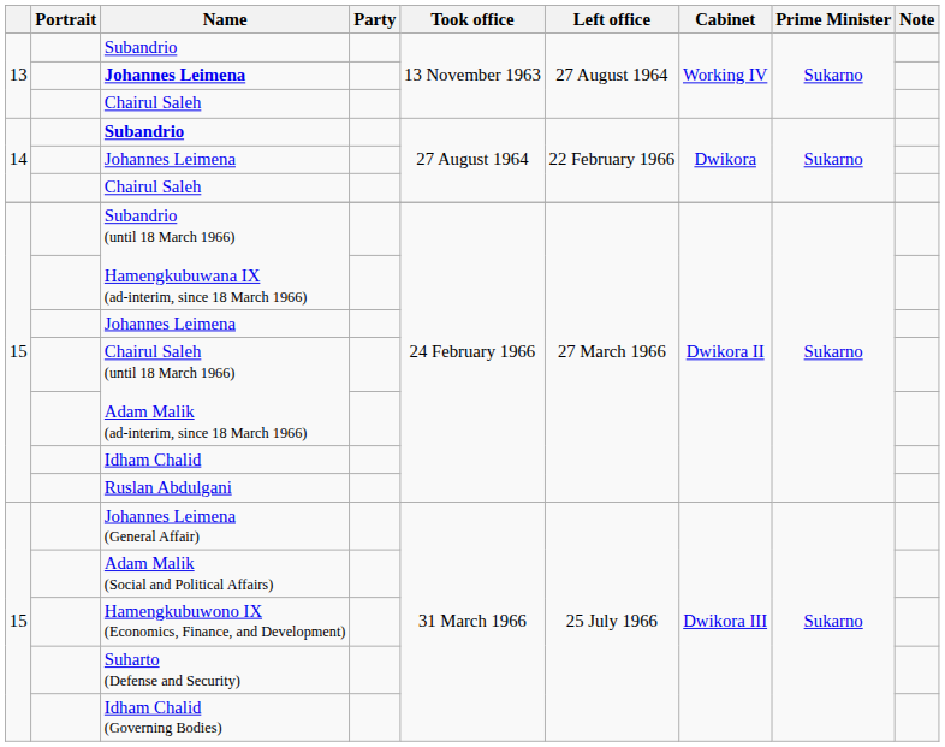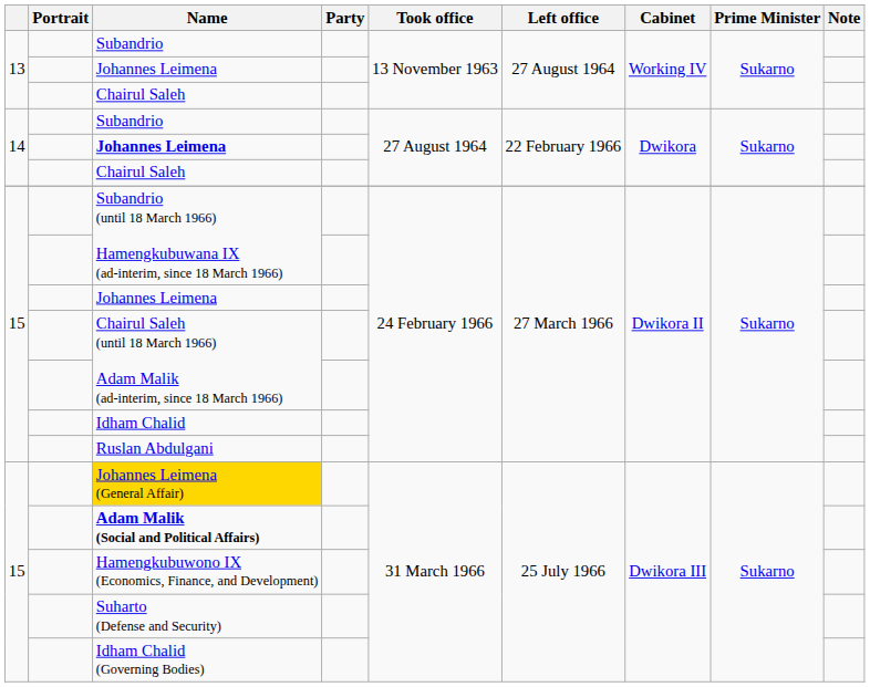 <table class="wikitable">
 <tr>
 <th></th>
 <th>Portrait</th>
 <th>Name</th>
 <th>Party</th>
 <th>Took office</th>
 <th>Left office</th>
 <th>Cabinet</th>
 <th>Prime Minister</th>
 <th>Note</th>
 </tr>
 <tr>
 <td align="center" rowspan=3>13</td>
 <td></td>
 <td><a href='#'>Subandrio</a></td>
 <td></td>
 <td align="center" rowspan=3>13 November 1963</td>
 <td align="center" rowspan=3>27 August 1964</td>
 <td align="center" rowspan=3><a href='#'>Working IV</a></td>
 <td align="center" rowspan=3><a href='#'>Sukarno</a></td>
 <td align="center"></td>
 </tr>
 <tr>
 <td></td>
-<td><strong><a href='#'>Johannes Leimena</a></strong></td>
+<td><a href='#'>Johannes Leimena</a></td>
 <td></td>
 <td align="center"></td>
 </tr>
 <tr>
 <td></td>
 <td><a href='#'>Chairul Saleh</a></td>
 <td></td>
 <td align="center"></td>
 </tr>
 <tr>
 <td align="center" rowspan=3>14</td>
 <td></td>
-<td><strong><a href='#'>Subandrio</a></strong></td>
+<td><a href='#'>Subandrio</a></td>
 <td></td>
 <td align="center" rowspan=3>27 August 1964</td>
 <td align="center" rowspan=3>22 February 1966</td>
 <td align="center" rowspan=3><a href='#'>Dwikora</a></td>
 <td align="center" rowspan=3><a href='#'>Sukarno</a></td>
 <td align="center"></td>
 </tr>
 <tr>
 <td></td>
-<td><a href='#'>Johannes Leimena</a></td>
+<td><strong><a href='#'>Johannes Leimena</a></strong></td>
 <td></td>
 </tr>
 <tr>
 <td></td>
 <td><a href='#'>Chairul Saleh</a></td>
 <td></td>
 <td align="center"></td>
 </tr>
 <tr>
 </tr>
 <tr>
 <td align="center" rowspan=7>15</td>
 <td></td>
 <td rowspan=2><a href='#'>Subandrio</a><br><small>(until 18 March 1966)</small><br><br><a href='#'>Hamengkubuwana IX</a><br><small>(ad-interim, since 18 March 1966)</small></td>
 <td></td>
 <td align="center" rowspan=7>24 February 1966</td>
 <td align="center" rowspan=7>27 March 1966</td>
 <td align="center" rowspan=7><a href='#'>Dwikora II</a></td>
 <td align="center" rowspan=7><a href='#'>Sukarno</a></td>
 <td></td>
 </tr>
 <tr>
 <td></td>
 <td></td>
 <td></td>
 </tr>
 <tr>
 <td></td>
 <td><a href='#'>Johannes Leimena</a></td>
 <td></td>
 <td></td>
 </tr>
 <tr>
 <td></td>
 <td rowspan=2><a href='#'>Chairul Saleh</a><br><small>(until 18 March 1966)</small><br><br><a href='#'>Adam Malik</a><br><small>(ad-interim, since 18 March 1966)</small></td>
 <td></td>
 <td></td>
 </tr>
 <tr>
 <td></td>
 <td></td>
 <td></td>
 </tr>
 <tr>
 <td></td>
 <td><a href='#'>Idham Chalid</a></td>
 <td></td>
 <td></td>
 </tr>
 <tr>
 <td></td>
 <td><a href='#'>Ruslan Abdulgani</a></td>
 <td></td>
 <td></td>
 </tr>
 <tr>
 <td align="center" rowspan=5>15</td>
 <td></td>
-<td><a href='#'>Johannes Leimena</a><br><small>(General Affair)</small></td>
+<td style="background: gold;"><a href='#'>Johannes Leimena</a><br><small>(General Affair)</small></td>
 <td></td>
 <td align="center" rowspan=5>31 March 1966</td>
 <td align="center" rowspan=5>25 July 1966</td>
 <td align="center" rowspan=5><a href='#'>Dwikora III</a></td>
 <td align="center" rowspan=5><a href='#'>Sukarno</a></td>
 <td></td>
 </tr>
 <tr>
 <td></td>
-<td><a href='#'>Adam Malik</a><br><small>(Social and Political Affairs)</small></td>
+<td><strong><a href='#'>Adam Malik</a><br><small>(Social and Political Affairs)</small></strong></td>
 <td></td>
 <td></td>
 </tr>
 <tr>
 <td></td>
 <td><a href='#'>Hamengkubuwono IX</a><br><small>(Economics, Finance, and Development)</small></td>
 <td></td>
 <td></td>
 </tr>
 <tr>
 <td></td>
 <td><a href='#'>Suharto</a><br><small>(Defense and Security)</small></td>
 <td></td>
 </tr>
 <tr>
 <td></td>
 <td><a href='#'>Idham Chalid</a><br><small>(Governing Bodies)</small></td>
 <td></td>
 <td></td>
 </tr>
 </table>
